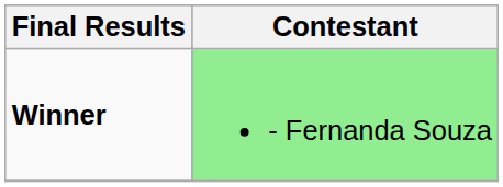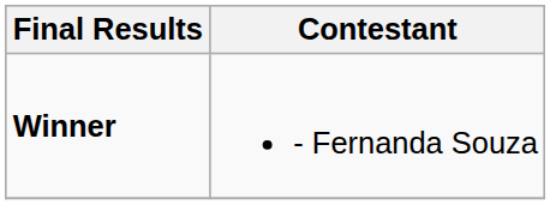 <table class="wikitable">
 <tr>
 <th>Final Results</th>
 <th>Contestant</th>
 </tr>
 <tr>
 <td><strong>Winner</strong></td>
-<td style="background: lightgreen;"><br><ul><li><strong></strong> - Fernanda Souza</li></ul></td>
+<td><br><ul><li><strong></strong> - Fernanda Souza</li></ul></td>
 </tr>
 <tr>
 </tr>
 </table>
